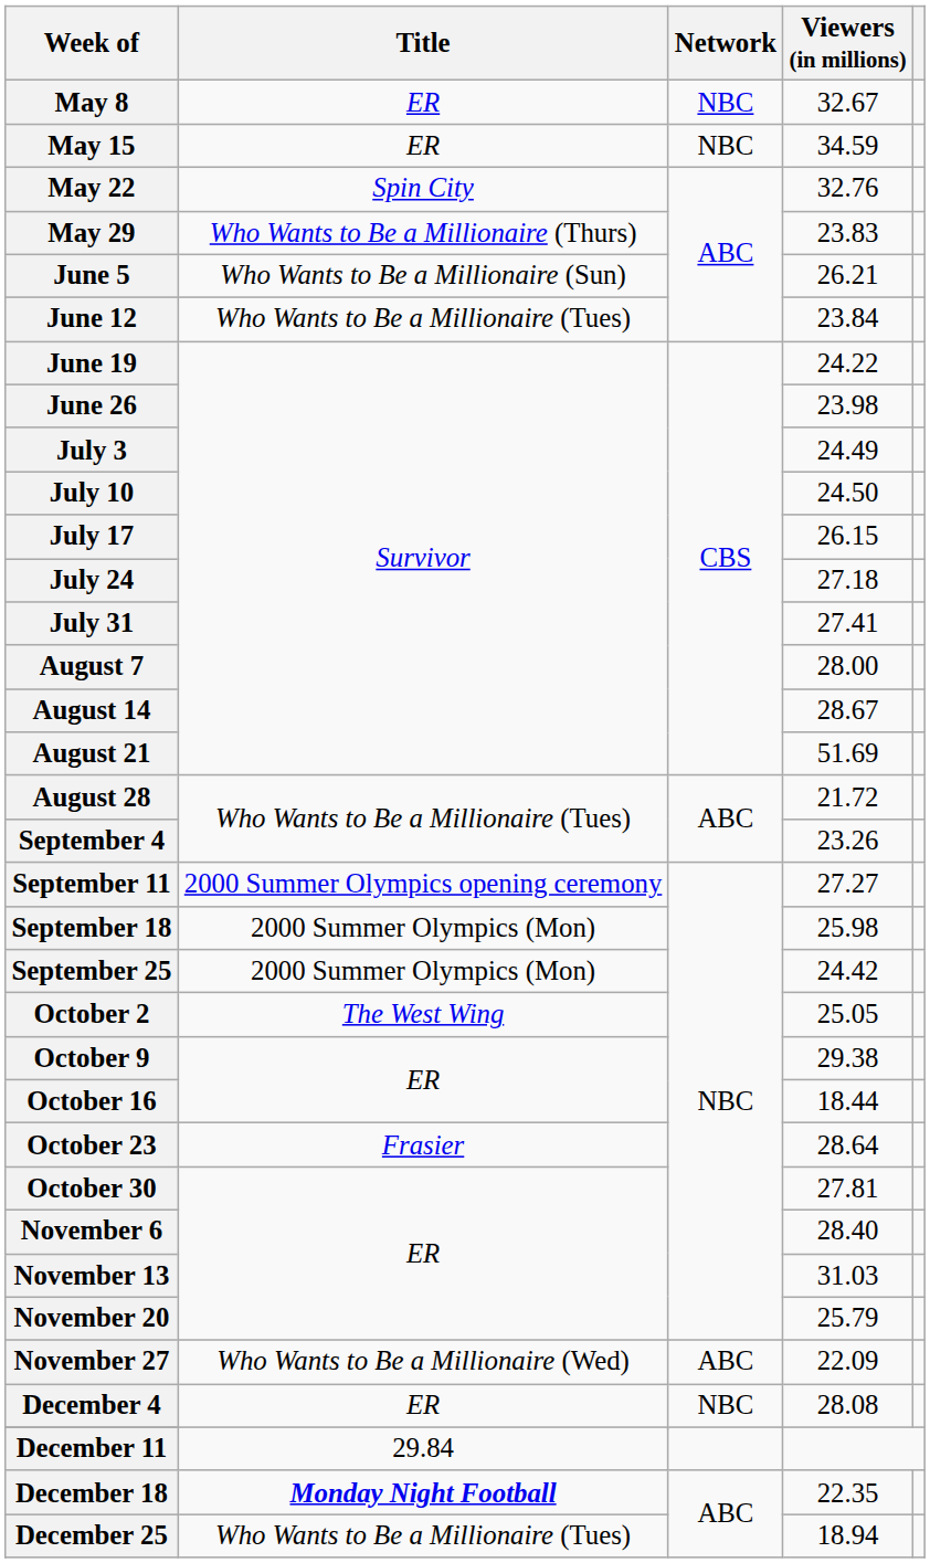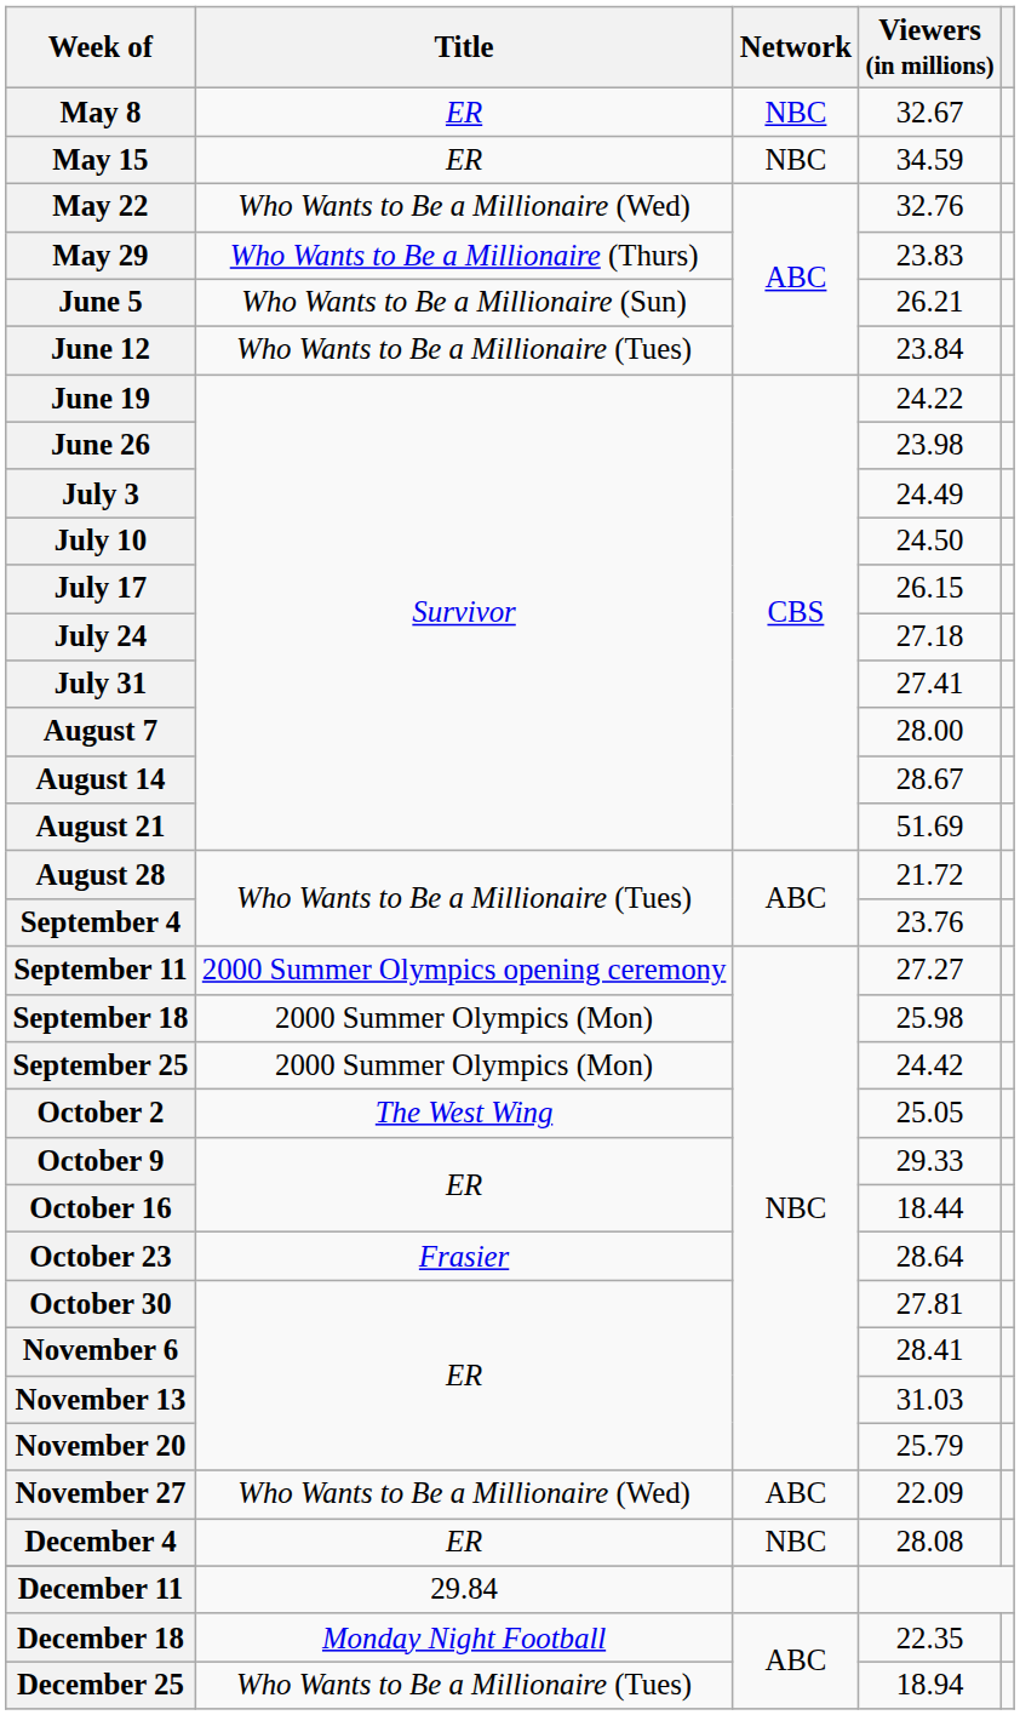 <table class="wikitable plainrowheaders" style="text-align: center; display: inline-table;">
 <tr>
 <th>Week of</th>
 <th>Title</th>
 <th>Network</th>
 <th>Viewers<br><small>(in millions)</small></th>
 <th></th>
 </tr>
 <tr>
 <th scope="row">May 8</th>
 <td><em><a href='#'>ER</a></em></td>
 <td><a href='#'>NBC</a></td>
 <td>32.67</td>
 <td></td>
 </tr>
 <tr>
 <th scope="row">May 15</th>
 <td><em>ER </em></td>
 <td>NBC</td>
 <td>34.59</td>
 </tr>
 <tr>
 <th scope="row">May 22</th>
-<td><em><a href='#'>Spin City</a></em></td>
+<td><em>Who Wants to Be a Millionaire</em> (Wed)</td>
 <td rowspan="4"><a href='#'>ABC</a></td>
 <td>32.76</td>
 <td></td>
 </tr>
 <tr>
 <th scope="row">May 29</th>
 <td><em><a href='#'>Who Wants to Be a Millionaire</a></em> (Thurs)</td>
 <td>23.83</td>
 <td></td>
 </tr>
 <tr>
 <th scope="row">June 5</th>
 <td><em>Who Wants to Be a Millionaire</em> (Sun)</td>
 <td>26.21</td>
 <td></td>
 </tr>
 <tr>
 <th scope="row">June 12</th>
 <td><em>Who Wants to Be a Millionaire</em> (Tues)</td>
 <td>23.84</td>
 <td></td>
 </tr>
 <tr>
 <th scope="row">June 19</th>
 <td rowspan="10"><em><a href='#'>Survivor</a></em></td>
 <td rowspan="10"><a href='#'>CBS</a></td>
 <td>24.22</td>
 <td></td>
 </tr>
 <tr>
 <th scope="row">June 26</th>
 <td>23.98</td>
 <td></td>
 </tr>
 <tr>
 <th scope="row">July 3</th>
 <td>24.49</td>
 <td></td>
 </tr>
 <tr>
 <th scope="row">July 10</th>
 <td>24.50</td>
 <td></td>
 </tr>
 <tr>
 <th scope="row">July 17</th>
 <td>26.15</td>
 <td></td>
 </tr>
 <tr>
 <th scope="row">July 24</th>
 <td>27.18</td>
 <td></td>
 </tr>
 <tr>
 <th scope="row">July 31</th>
 <td>27.41</td>
 <td></td>
 </tr>
 <tr>
 <th scope="row">August 7</th>
 <td>28.00</td>
 <td></td>
 </tr>
 <tr>
 <th scope="row">August 14</th>
 <td>28.67</td>
 <td></td>
 </tr>
 <tr>
 <th scope="row">August 21</th>
 <td>51.69</td>
 <td></td>
 </tr>
 <tr>
 <th scope="row">August 28</th>
 <td rowspan="2"><em>Who Wants to Be a Millionaire</em> (Tues)</td>
 <td rowspan="2">ABC</td>
 <td>21.72</td>
 <td></td>
 </tr>
 <tr>
 <th scope="row">September 4</th>
-<td>23.26</td>
+<td>23.76</td>
 <td></td>
 </tr>
 <tr>
 <th scope="row">September 11</th>
 <td><a href='#'>2000 Summer Olympics opening ceremony</a></td>
 <td rowspan="11">NBC</td>
 <td>27.27</td>
 <td></td>
 </tr>
 <tr>
 <th scope="row">September 18</th>
 <td>2000 Summer Olympics (Mon)</td>
 <td>25.98</td>
 <td></td>
 </tr>
 <tr>
 <th scope="row">September 25</th>
 <td>2000 Summer Olympics (Mon)</td>
 <td>24.42</td>
 <td></td>
 </tr>
 <tr>
 <th scope="row">October 2</th>
 <td><em><a href='#'>The West Wing</a></em></td>
 <td>25.05</td>
 <td></td>
 </tr>
 <tr>
 <th scope="row">October 9</th>
 <td rowspan="2"><em>ER</em></td>
-<td>29.38</td>
+<td>29.33</td>
 <td></td>
 </tr>
 <tr>
 <th scope="row">October 16</th>
 <td>18.44</td>
 <td></td>
 </tr>
 <tr>
 <th scope="row">October 23</th>
 <td><em><a href='#'>Frasier</a></em></td>
 <td>28.64</td>
 <td></td>
 </tr>
 <tr>
 <th scope="row">October 30</th>
 <td rowspan="4"><em>ER</em></td>
 <td>27.81</td>
 <td></td>
 </tr>
 <tr>
 <th scope="row">November 6</th>
-<td>28.40</td>
+<td>28.41</td>
 <td></td>
 </tr>
 <tr>
 <th scope="row">November 13</th>
 <td>31.03</td>
 <td></td>
 </tr>
 <tr>
 <th scope="row">November 20</th>
 <td>25.79</td>
 <td></td>
 </tr>
 <tr>
 <th scope="row">November 27</th>
 <td><em>Who Wants to Be a Millionaire</em> (Wed)</td>
 <td>ABC</td>
 <td>22.09</td>
 <td></td>
 </tr>
 <tr>
 <th scope="row">December 4</th>
 <td rowspan="2"><em>ER</em></td>
 <td rowspan="2">NBC</td>
 <td>28.08</td>
 <td></td>
 </tr>
 <tr>
 </tr>
 <tr>
 <th scope="row">December 11</th>
 <td>29.84</td>
 <td></td>
 </tr>
 <tr>
 <th scope="row">December 18</th>
-<td><strong><em><a href='#'>Monday Night Football</a></em></strong></td>
+<td><em><a href='#'>Monday Night Football</a></em></td>
 <td rowspan="2">ABC</td>
 <td>22.35</td>
 <td></td>
 </tr>
 <tr>
 <th scope="row">December 25</th>
 <td><em>Who Wants to Be a Millionaire</em> (Tues)</td>
 <td>18.94</td>
 <td></td>
 </tr>
 </table>
